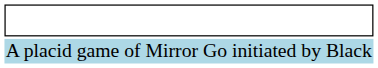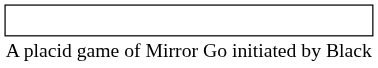 <table style="display:inline; display:inline-table;">
 <tr>
 <td style="border: solid thin; padding: 3px;"><br></td>
 </tr>
 <tr>
-<td style="background: lightblue; text-align:center">A placid game of Mirror Go initiated by Black</td>
+<td style="text-align:center">A placid game of Mirror Go initiated by Black</td>
 </tr>
 </table>
